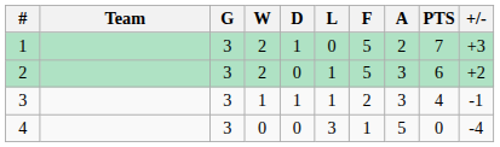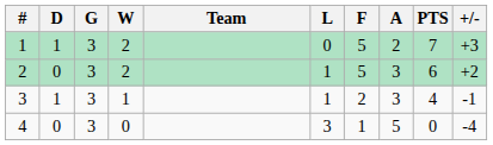 <table class="wikitable">
 <tr>
 <th width="25">#</th>
-<th width="150">Team</th>
+<th width="25">D</th>
 <th width="25">G</th>
 <th width="25">W</th>
-<th width="25">D</th>
+<th width="150">Team</th>
 <th width="25">L</th>
 <th width="25">F</th>
 <th width="25">A</th>
 <th width="25">PTS</th>
 <th width="25">+/-</th>
 </tr>
 <tr bgcolor="AFE2C4">
 <td align="center">1</td>
-<td></td>
+<td align="center">1</td>
 <td align="center">3</td>
 <td align="center">2</td>
-<td align="center">1</td>
+<td></td>
 <td align="center">0</td>
 <td align="center">5</td>
 <td align="center">2</td>
 <td align="center">7</td>
 <td align="center">+3</td>
 </tr>
 <tr bgcolor="AFE2C4">
 <td align="center">2</td>
-<td></td>
+<td align="center">0</td>
 <td align="center">3</td>
 <td align="center">2</td>
-<td align="center">0</td>
+<td></td>
 <td align="center">1</td>
 <td align="center">5</td>
 <td align="center">3</td>
 <td align="center">6</td>
 <td align="center">+2</td>
 </tr>
 <tr>
 <td align="center">3</td>
-<td></td>
+<td align="center">1</td>
 <td align="center">3</td>
 <td align="center">1</td>
-<td align="center">1</td>
+<td></td>
 <td align="center">1</td>
 <td align="center">2</td>
 <td align="center">3</td>
 <td align="center">4</td>
 <td align="center">-1</td>
 </tr>
 <tr>
 <td align="center">4</td>
-<td></td>
+<td align="center">0</td>
 <td align="center">3</td>
 <td align="center">0</td>
-<td align="center">0</td>
+<td></td>
 <td align="center">3</td>
 <td align="center">1</td>
 <td align="center">5</td>
 <td align="center">0</td>
 <td align="center">-4</td>
 </tr>
 </table>
